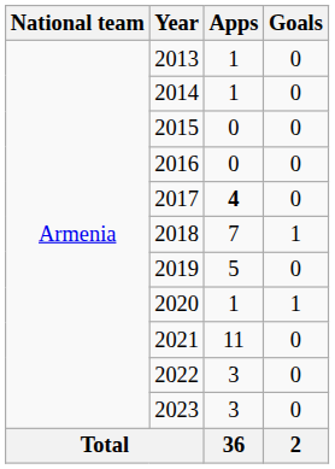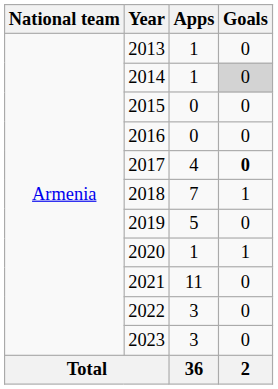 <table class=wikitable style="text-align: center">
 <tr>
 <th>National team</th>
 <th>Year</th>
 <th>Apps</th>
 <th>Goals</th>
 </tr>
 <tr>
 <td rowspan="11"><a href='#'>Armenia</a></td>
 <td>2013</td>
 <td>1</td>
 <td>0</td>
 </tr>
 <tr>
 <td>2014</td>
 <td>1</td>
-<td>0</td>
+<td style="background: lightgrey;">0</td>
 </tr>
 <tr>
 <td>2015</td>
 <td>0</td>
 <td>0</td>
 </tr>
 <tr>
 <td>2016</td>
 <td>0</td>
 <td>0</td>
 </tr>
 <tr>
 <td>2017</td>
-<td><strong>4</strong></td>
-<td>0</td>
+<td>4</td>
+<td><strong>0</strong></td>
 </tr>
 <tr>
 <td>2018</td>
 <td>7</td>
 <td>1</td>
 </tr>
 <tr>
 <td>2019</td>
 <td>5</td>
 <td>0</td>
 </tr>
 <tr>
 <td>2020</td>
 <td>1</td>
 <td>1</td>
 </tr>
 <tr>
 <td>2021</td>
 <td>11</td>
 <td>0</td>
 </tr>
 <tr>
 <td>2022</td>
 <td>3</td>
 <td>0</td>
 </tr>
 <tr>
 <td>2023</td>
 <td>3</td>
 <td>0</td>
 </tr>
 <tr>
 <th colspan="2">Total</th>
 <th>36</th>
 <th>2</th>
 </tr>
 </table>
